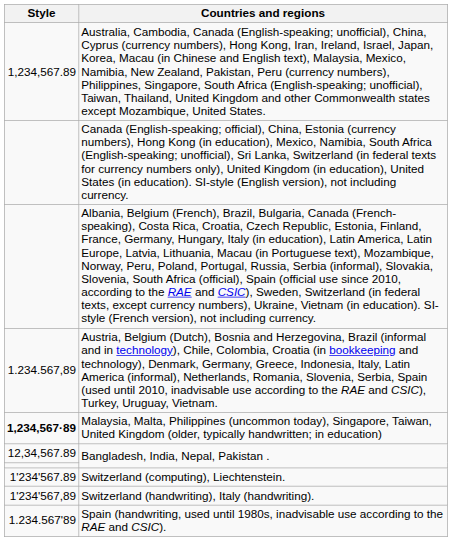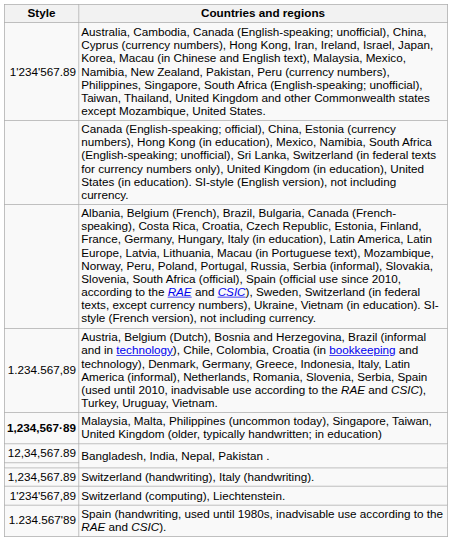 <table class="wikitable">
 <tr>
 <th>Style</th>
 <th>Countries and regions</th>
 </tr>
 <tr>
-<td style="text-align: right;">1,234,567.89</td>
+<td style="text-align: right;">1'234'567.89</td>
 <td>Australia, Cambodia, Canada (English-speaking; unofficial), China, Cyprus (currency numbers), Hong Kong, Iran, Ireland, Israel, Japan, Korea, Macau (in Chinese and English text), Malaysia, Mexico, Namibia, New Zealand, Pakistan, Peru (currency numbers), Philippines, Singapore, South Africa (English-speaking; unofficial), Taiwan, Thailand, United Kingdom and other Commonwealth states except Mozambique, United States.</td>
 </tr>
 <tr>
 <td style="text-align: right;"></td>
 <td>Canada (English-speaking; official), China, Estonia (currency numbers), Hong Kong (in education), Mexico, Namibia, South Africa (English-speaking; unofficial), Sri Lanka, Switzerland (in federal texts for currency numbers only), United Kingdom (in education), United States (in education). SI-style (English version), not including currency.</td>
 </tr>
 <tr>
 <td style="text-align: right;"></td>
 <td>Albania, Belgium (French), Brazil, Bulgaria, Canada (French-speaking), Costa Rica, Croatia, Czech Republic, Estonia, Finland, France, Germany, Hungary, Italy (in education), Latin America, Latin Europe, Latvia, Lithuania, Macau (in Portuguese text), Mozambique, Norway, Peru, Poland, Portugal, Russia, Serbia (informal), Slovakia, Slovenia, South Africa (official), Spain (official use since 2010, according to the <em><a href='#'>RAE</a></em> and <em><a href='#'>CSIC</a></em>), Sweden, Switzerland (in federal texts, except currency numbers), Ukraine, Vietnam (in education). SI-style (French version), not including currency.</td>
 </tr>
 <tr>
 <td style="text-align: right;">1.234.567,89</td>
 <td>Austria, Belgium (Dutch), Bosnia and Herzegovina, Brazil (informal and in <a href='#'>technology</a>), Chile, Colombia, Croatia (in <a href='#'>bookkeeping</a> and technology), Denmark, Germany, Greece, Indonesia, Italy, Latin America (informal), Netherlands, Romania, Slovenia, Serbia, Spain (used until 2010, inadvisable use according to the <em>RAE</em> and <em>CSIC</em>), Turkey, Uruguay, Vietnam.</td>
 </tr>
 <tr>
 <td style="text-align: right;"><strong>1,234,567·89</strong></td>
 <td>Malaysia, Malta, Philippines (uncommon today), Singapore, Taiwan, United Kingdom (older, typically handwritten; in education)</td>
 </tr>
 <tr>
 <td style="text-align: right;">12,34,567.89</td>
 <td rowspan="2">Bangladesh, India, Nepal, Pakistan .</td>
 </tr>
 <tr>
 <td></td>
 </tr>
 <tr>
-<td style="text-align: right;">1'234'567.89</td>
-<td>Switzerland (computing), Liechtenstein.</td>
+<td style="text-align: right;">1,234,567.89</td>
+<td>Switzerland (handwriting), Italy (handwriting).</td>
 </tr>
 <tr>
 <td style="text-align: right;">1'234'567,89</td>
-<td>Switzerland (handwriting), Italy (handwriting).</td>
+<td>Switzerland (computing), Liechtenstein.</td>
 </tr>
 <tr>
 <td style="text-align: right;">1.234.567'89</td>
 <td>Spain (handwriting, used until 1980s, inadvisable use according to the <em>RAE</em> and <em>CSIC</em>).</td>
 </tr>
 </table>
